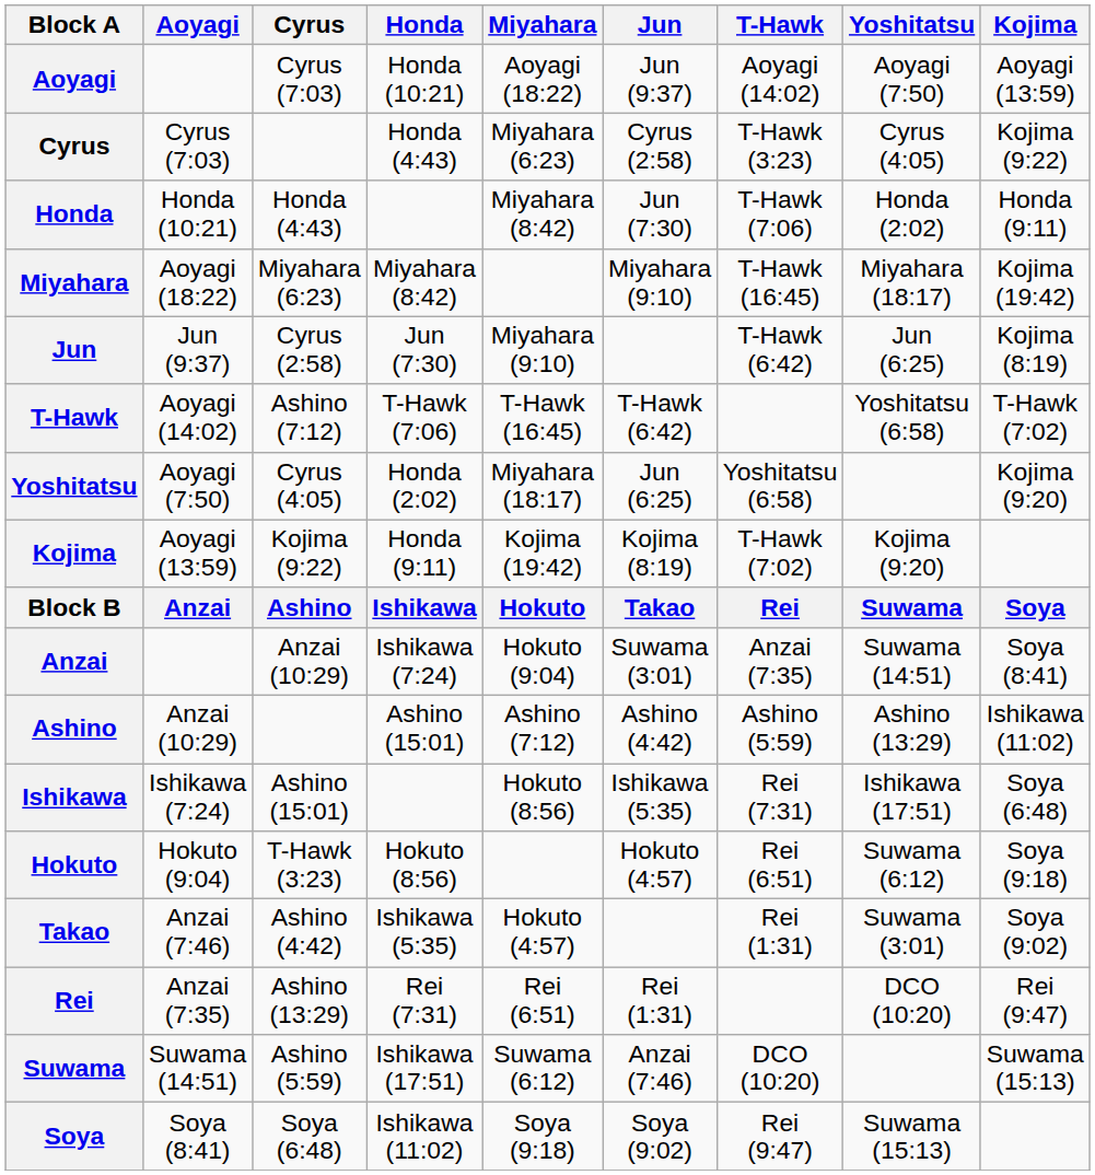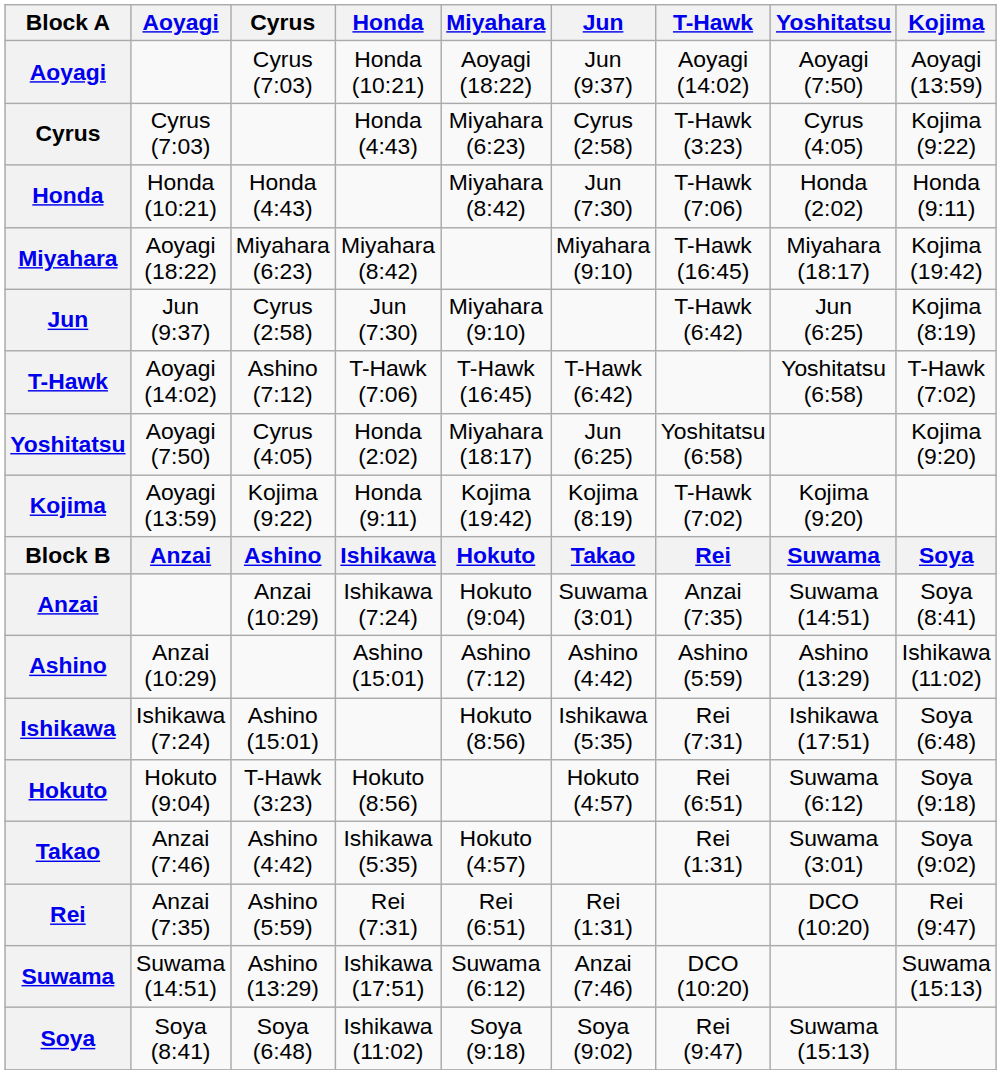 <table class="wikitable" style="margin: 1em auto 1em auto; text-align:center;">
 <tr>
 <th>Block A</th>
 <th><a href='#'>Aoyagi</a></th>
 <th>Cyrus</th>
 <th><a href='#'>Honda</a></th>
 <th><a href='#'>Miyahara</a></th>
 <th><a href='#'>Jun</a></th>
 <th><a href='#'>T-Hawk</a></th>
 <th><a href='#'>Yoshitatsu</a></th>
 <th><a href='#'>Kojima</a></th>
 </tr>
 <tr>
 <th><a href='#'>Aoyagi</a></th>
 <td></td>
 <td>Cyrus<br>(7:03)</td>
 <td>Honda<br>(10:21)</td>
 <td>Aoyagi<br>(18:22)</td>
 <td>Jun<br>(9:37)</td>
 <td>Aoyagi<br>(14:02)</td>
 <td>Aoyagi<br>(7:50)</td>
 <td>Aoyagi<br>(13:59)</td>
 </tr>
 <tr>
 <th>Cyrus</th>
 <td>Cyrus<br>(7:03)</td>
 <td></td>
 <td>Honda<br>(4:43)</td>
 <td>Miyahara<br>(6:23)</td>
 <td>Cyrus<br>(2:58)</td>
 <td>T-Hawk<br>(3:23)</td>
 <td>Cyrus<br>(4:05)</td>
 <td>Kojima<br>(9:22)</td>
 </tr>
 <tr>
 <th><a href='#'>Honda</a></th>
 <td>Honda<br>(10:21)</td>
 <td>Honda<br>(4:43)</td>
 <td></td>
 <td>Miyahara<br>(8:42)</td>
 <td>Jun<br>(7:30)</td>
 <td>T-Hawk<br>(7:06)</td>
 <td>Honda<br>(2:02)</td>
 <td>Honda<br>(9:11)</td>
 </tr>
 <tr>
 <th><a href='#'>Miyahara</a></th>
 <td>Aoyagi<br>(18:22)</td>
 <td>Miyahara<br>(6:23)</td>
 <td>Miyahara<br>(8:42)</td>
 <td></td>
 <td>Miyahara<br>(9:10)</td>
 <td>T-Hawk<br>(16:45)</td>
 <td>Miyahara<br>(18:17)</td>
 <td>Kojima<br>(19:42)</td>
 </tr>
 <tr>
 <th><a href='#'>Jun</a></th>
 <td>Jun<br>(9:37)</td>
 <td>Cyrus<br>(2:58)</td>
 <td>Jun<br>(7:30)</td>
 <td>Miyahara<br>(9:10)</td>
 <td></td>
 <td>T-Hawk<br>(6:42)</td>
 <td>Jun<br>(6:25)</td>
 <td>Kojima<br>(8:19)</td>
 </tr>
 <tr>
 <th><a href='#'>T-Hawk</a></th>
 <td>Aoyagi<br>(14:02)</td>
 <td>Ashino<br>(7:12)</td>
 <td>T-Hawk<br>(7:06)</td>
 <td>T-Hawk<br>(16:45)</td>
 <td>T-Hawk<br>(6:42)</td>
 <td></td>
 <td>Yoshitatsu<br>(6:58)</td>
 <td>T-Hawk<br>(7:02)</td>
 </tr>
 <tr>
 <th><a href='#'>Yoshitatsu</a></th>
 <td>Aoyagi<br>(7:50)</td>
 <td>Cyrus<br>(4:05)</td>
 <td>Honda<br>(2:02)</td>
 <td>Miyahara<br>(18:17)</td>
 <td>Jun<br>(6:25)</td>
 <td>Yoshitatsu<br>(6:58)</td>
 <td></td>
 <td>Kojima<br>(9:20)</td>
 </tr>
 <tr>
 <th><a href='#'>Kojima</a></th>
 <td>Aoyagi<br>(13:59)</td>
 <td>Kojima<br>(9:22)</td>
 <td>Honda<br>(9:11)</td>
 <td>Kojima<br>(19:42)</td>
 <td>Kojima<br>(8:19)</td>
 <td>T-Hawk<br>(7:02)</td>
 <td>Kojima<br>(9:20)</td>
 <td></td>
 </tr>
 <tr>
 <th>Block B</th>
 <th><a href='#'>Anzai</a></th>
 <th><a href='#'>Ashino</a></th>
 <th><a href='#'>Ishikawa</a></th>
 <th><a href='#'>Hokuto</a></th>
 <th><a href='#'>Takao</a></th>
 <th><a href='#'>Rei</a></th>
 <th><a href='#'>Suwama</a></th>
 <th><a href='#'>Soya</a></th>
 </tr>
 <tr>
 <th><a href='#'>Anzai</a></th>
 <td></td>
 <td>Anzai<br>(10:29)</td>
 <td>Ishikawa<br>(7:24)</td>
 <td>Hokuto<br>(9:04)</td>
 <td>Suwama<br>(3:01)</td>
 <td>Anzai<br>(7:35)</td>
 <td>Suwama<br>(14:51)</td>
 <td>Soya<br>(8:41)</td>
 </tr>
 <tr>
 <th><a href='#'>Ashino</a></th>
 <td>Anzai<br>(10:29)</td>
 <td></td>
 <td>Ashino<br>(15:01)</td>
 <td>Ashino<br>(7:12)</td>
 <td>Ashino<br>(4:42)</td>
 <td>Ashino<br>(5:59)</td>
 <td>Ashino<br>(13:29)</td>
 <td>Ishikawa<br>(11:02)</td>
 </tr>
 <tr>
 <th><a href='#'>Ishikawa</a></th>
 <td>Ishikawa<br>(7:24)</td>
 <td>Ashino<br>(15:01)</td>
 <td></td>
 <td>Hokuto<br>(8:56)</td>
 <td>Ishikawa<br>(5:35)</td>
 <td>Rei<br>(7:31)</td>
 <td>Ishikawa<br>(17:51)</td>
 <td>Soya<br>(6:48)</td>
 </tr>
 <tr>
 <th><a href='#'>Hokuto</a></th>
 <td>Hokuto<br>(9:04)</td>
 <td>T-Hawk<br>(3:23)</td>
 <td>Hokuto<br>(8:56)</td>
 <td></td>
 <td>Hokuto<br>(4:57)</td>
 <td>Rei<br>(6:51)</td>
 <td>Suwama<br>(6:12)</td>
 <td>Soya<br>(9:18)</td>
 </tr>
 <tr>
 <th><a href='#'>Takao</a></th>
 <td>Anzai<br>(7:46)</td>
 <td>Ashino<br>(4:42)</td>
 <td>Ishikawa<br>(5:35)</td>
 <td>Hokuto<br>(4:57)</td>
 <td></td>
 <td>Rei<br>(1:31)</td>
 <td>Suwama<br>(3:01)</td>
 <td>Soya<br>(9:02)</td>
 </tr>
 <tr>
 <th><a href='#'>Rei</a></th>
 <td>Anzai<br>(7:35)</td>
-<td>Ashino<br>(13:29)</td>
+<td>Ashino<br>(5:59)</td>
 <td>Rei<br>(7:31)</td>
 <td>Rei<br>(6:51)</td>
 <td>Rei<br>(1:31)</td>
 <td></td>
 <td>DCO<br>(10:20)</td>
 <td>Rei<br>(9:47)</td>
 </tr>
 <tr>
 <th><a href='#'>Suwama</a></th>
 <td>Suwama<br>(14:51)</td>
-<td>Ashino<br>(5:59)</td>
+<td>Ashino<br>(13:29)</td>
 <td>Ishikawa<br>(17:51)</td>
 <td>Suwama<br>(6:12)</td>
 <td>Anzai<br>(7:46)</td>
 <td>DCO<br>(10:20)</td>
 <td></td>
 <td>Suwama<br>(15:13)</td>
 </tr>
 <tr>
 <th><a href='#'>Soya</a></th>
 <td>Soya<br>(8:41)</td>
 <td>Soya<br>(6:48)</td>
 <td>Ishikawa<br>(11:02)</td>
 <td>Soya<br>(9:18)</td>
 <td>Soya<br>(9:02)</td>
 <td>Rei<br>(9:47)</td>
 <td>Suwama<br>(15:13)</td>
 <td></td>
 </tr>
 <tr>
 </tr>
 </table>
